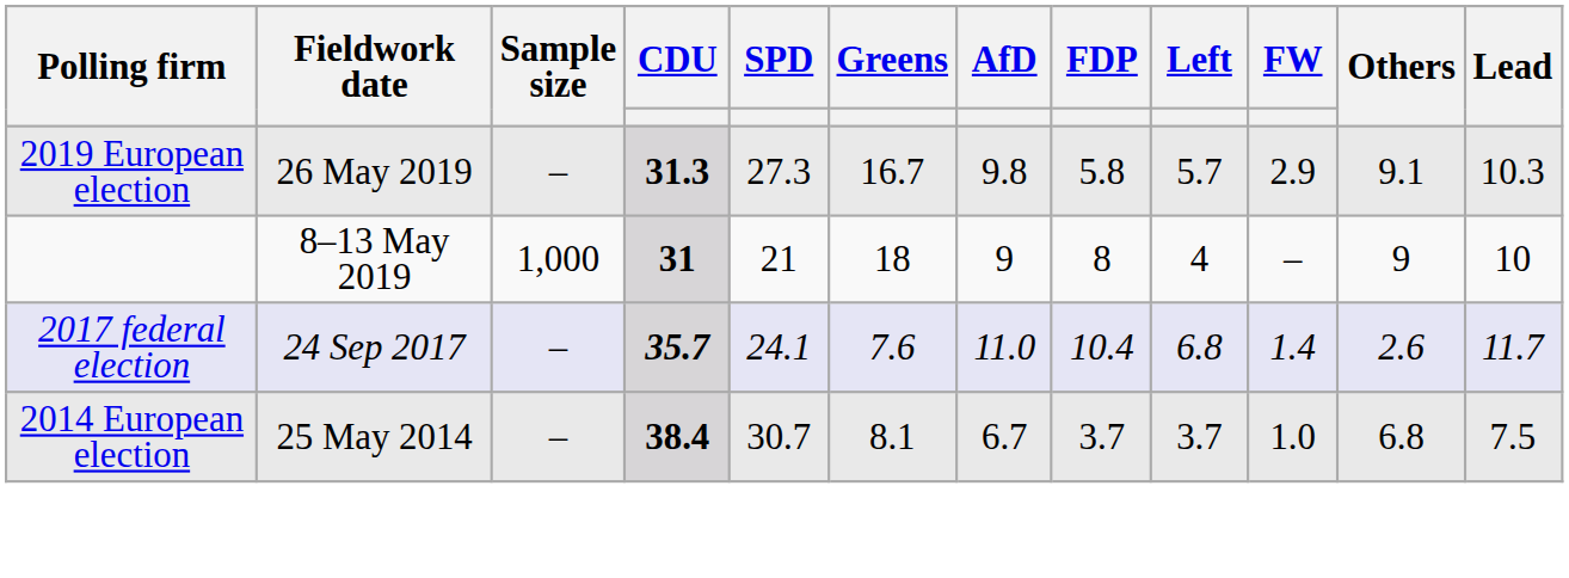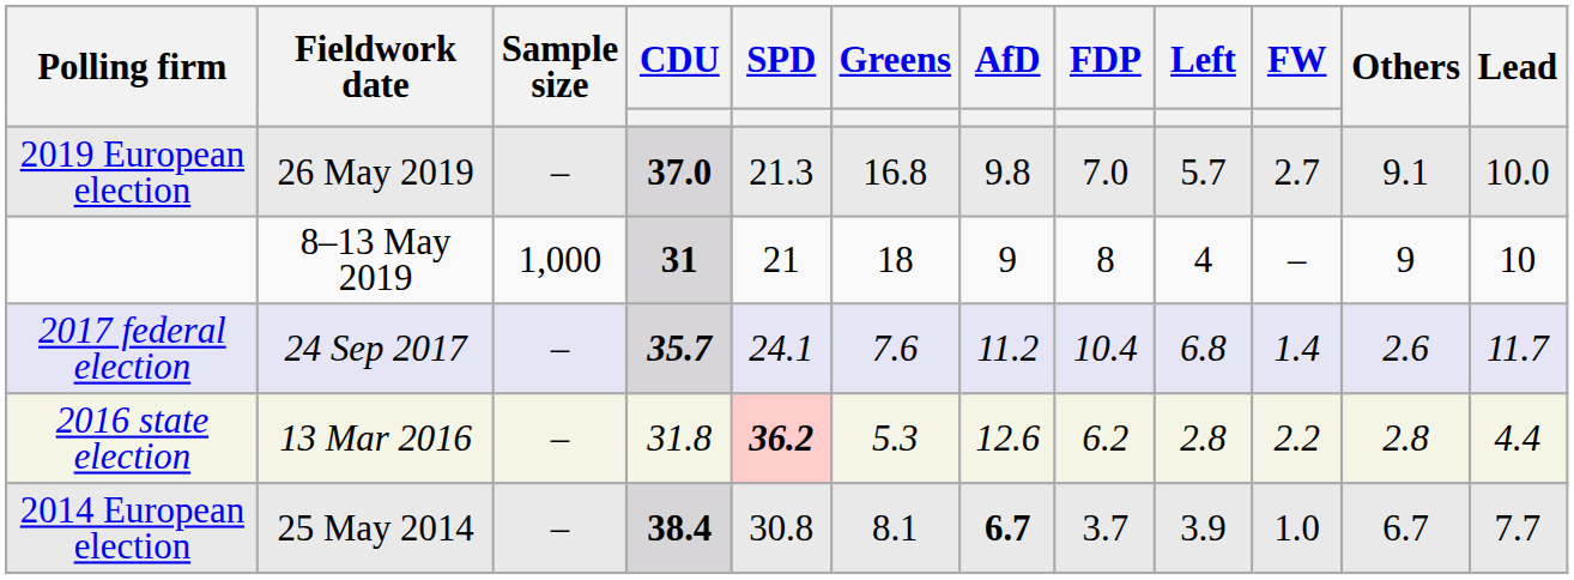 <table class="wikitable sortable" style="text-align:center;font-size:90%;line-height:14px;">
 <tr style="height:40px;">
 <th style="width:160px;" rowspan="2">Polling firm</th>
 <th style="width:125px;" rowspan="2">Fieldwork date</th>
 <th style="width:35px;" rowspan="2">Sample<br>size</th>
 <th class="unsortable" style="width:40px;"><span><a href='#'>CDU</a></span><br></th>
 <th class="unsortable" style="width:40px;"><a href='#'><span>SPD</span></a><br></th>
 <th class="unsortable" style="width:40px;"><a href='#'><span>Greens</span></a><br></th>
 <th class="unsortable" style="width:40px;"><a href='#'><span>AfD</span></a><br></th>
 <th class="unsortable" style="width:40px;"><a href='#'><span>FDP</span></a><br></th>
 <th class="unsortable" style="width:40px;"><a href='#'><span>Left</span></a><br></th>
 <th class="unsortable" style="width:40px;"><a href='#'>FW</a><br></th>
 <th class="unsortable" style="width:30px;" rowspan="2">Others</th>
 <th style="width:30px;" rowspan="2">Lead</th>
 </tr>
 <tr>
 <th style="background:"></th>
 <th style="background:"></th>
 <th style="background:"></th>
 <th style="background:"></th>
 <th style="background:"></th>
 <th style="background:"></th>
 <th style="background:"></th>
 </tr>
 <tr style="background:#E9E9E9;">
 <td><a href='#'>2019 European election</a></td>
 <td data-sort-value="2019-05-26">26 May 2019</td>
 <td>–</td>
-<td style="background:#D7D5D7;"><strong>31.3</strong></td>
-<td>27.3</td>
-<td>16.7</td>
+<td style="background:#D7D5D7;"><strong>37.0</strong></td>
+<td>21.3</td>
+<td>16.8</td>
 <td>9.8</td>
-<td>5.8</td>
+<td>7.0</td>
 <td>5.7</td>
-<td>2.9</td>
+<td>2.7</td>
 <td>9.1</td>
-<td style="background:">10.3</td>
+<td style="background:">10.0</td>
 </tr>
 <tr>
 <td></td>
 <td data-sort-value="2019-05-13">8–13 May 2019</td>
 <td>1,000</td>
 <td style="background:#D7D5D7;"><strong>31</strong></td>
 <td>21</td>
 <td>18</td>
 <td>9</td>
 <td>8</td>
 <td>4</td>
 <td>–</td>
 <td>9</td>
 <td style="background:">10</td>
 </tr>
 <tr style="background:#E5E5F5;font-style:italic;">
 <td><a href='#'>2017 federal election</a></td>
 <td data-sort-value="2017-09-24">24 Sep 2017</td>
 <td>–</td>
 <td style="background:#D7D5D7;"><strong>35.7</strong></td>
 <td>24.1</td>
 <td>7.6</td>
-<td>11.0</td>
+<td>11.2</td>
 <td>10.4</td>
 <td>6.8</td>
 <td>1.4</td>
 <td>2.6</td>
 <td style="background:">11.7</td>
 </tr>
+<tr style="background:#F5F5E5;font-style:italic;">
+<td><a href='#'>2016 state election</a></td>
+<td data-sort-value="2016-03-13">13 Mar 2016</td>
+<td>–</td>
+<td>31.8</td>
+<td style="background:#FFCCCC;"><strong>36.2</strong></td>
+<td>5.3</td>
+<td>12.6</td>
+<td>6.2</td>
+<td>2.8</td>
+<td>2.2</td>
+<td>2.8</td>
+<td style="background:">4.4</td>
+</tr>
 <tr style="background:#E9E9E9;">
 <td><a href='#'>2014 European election</a></td>
 <td data-sort-value="2014-05-25">25 May 2014</td>
 <td>–</td>
 <td style="background:#D7D5D7;"><strong>38.4</strong></td>
-<td>30.7</td>
+<td>30.8</td>
 <td>8.1</td>
+<td><strong>6.7</strong></td>
+<td>3.7</td>
+<td>3.9</td>
+<td>1.0</td>
 <td>6.7</td>
-<td>3.7</td>
-<td>3.7</td>
-<td>1.0</td>
-<td>6.8</td>
-<td style="background:">7.5</td>
+<td style="background:">7.7</td>
 </tr>
 </table>
